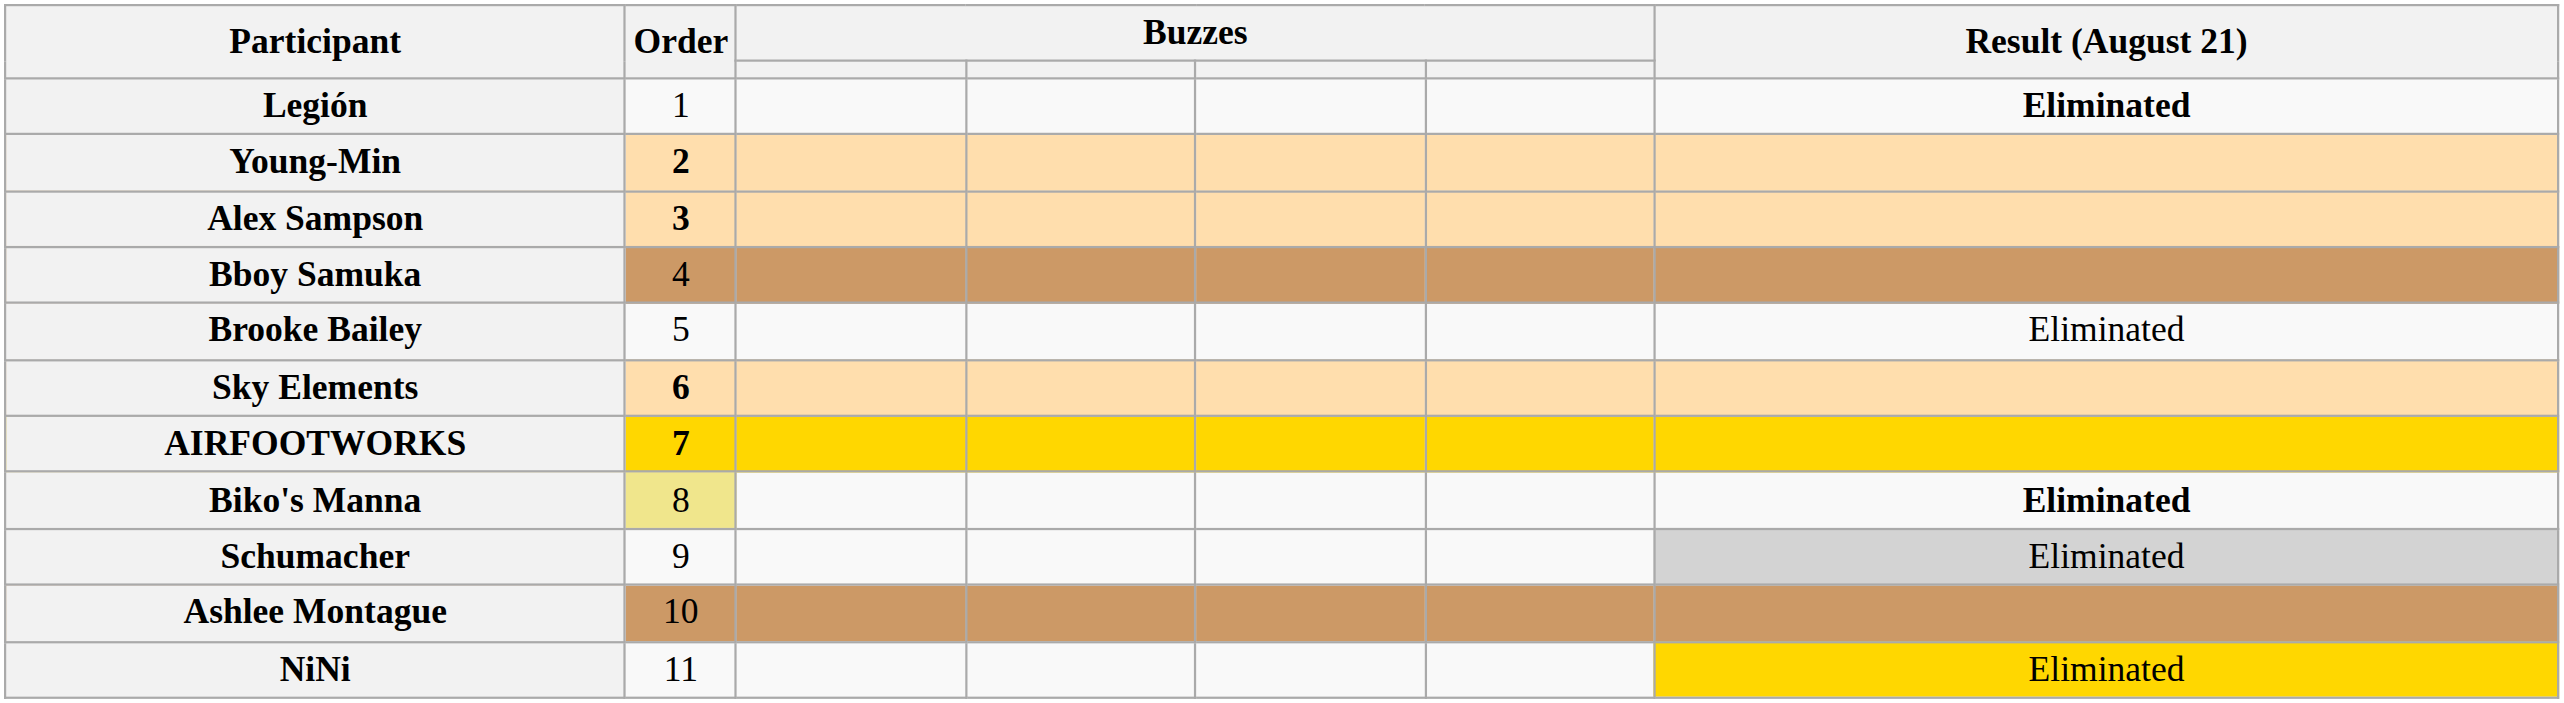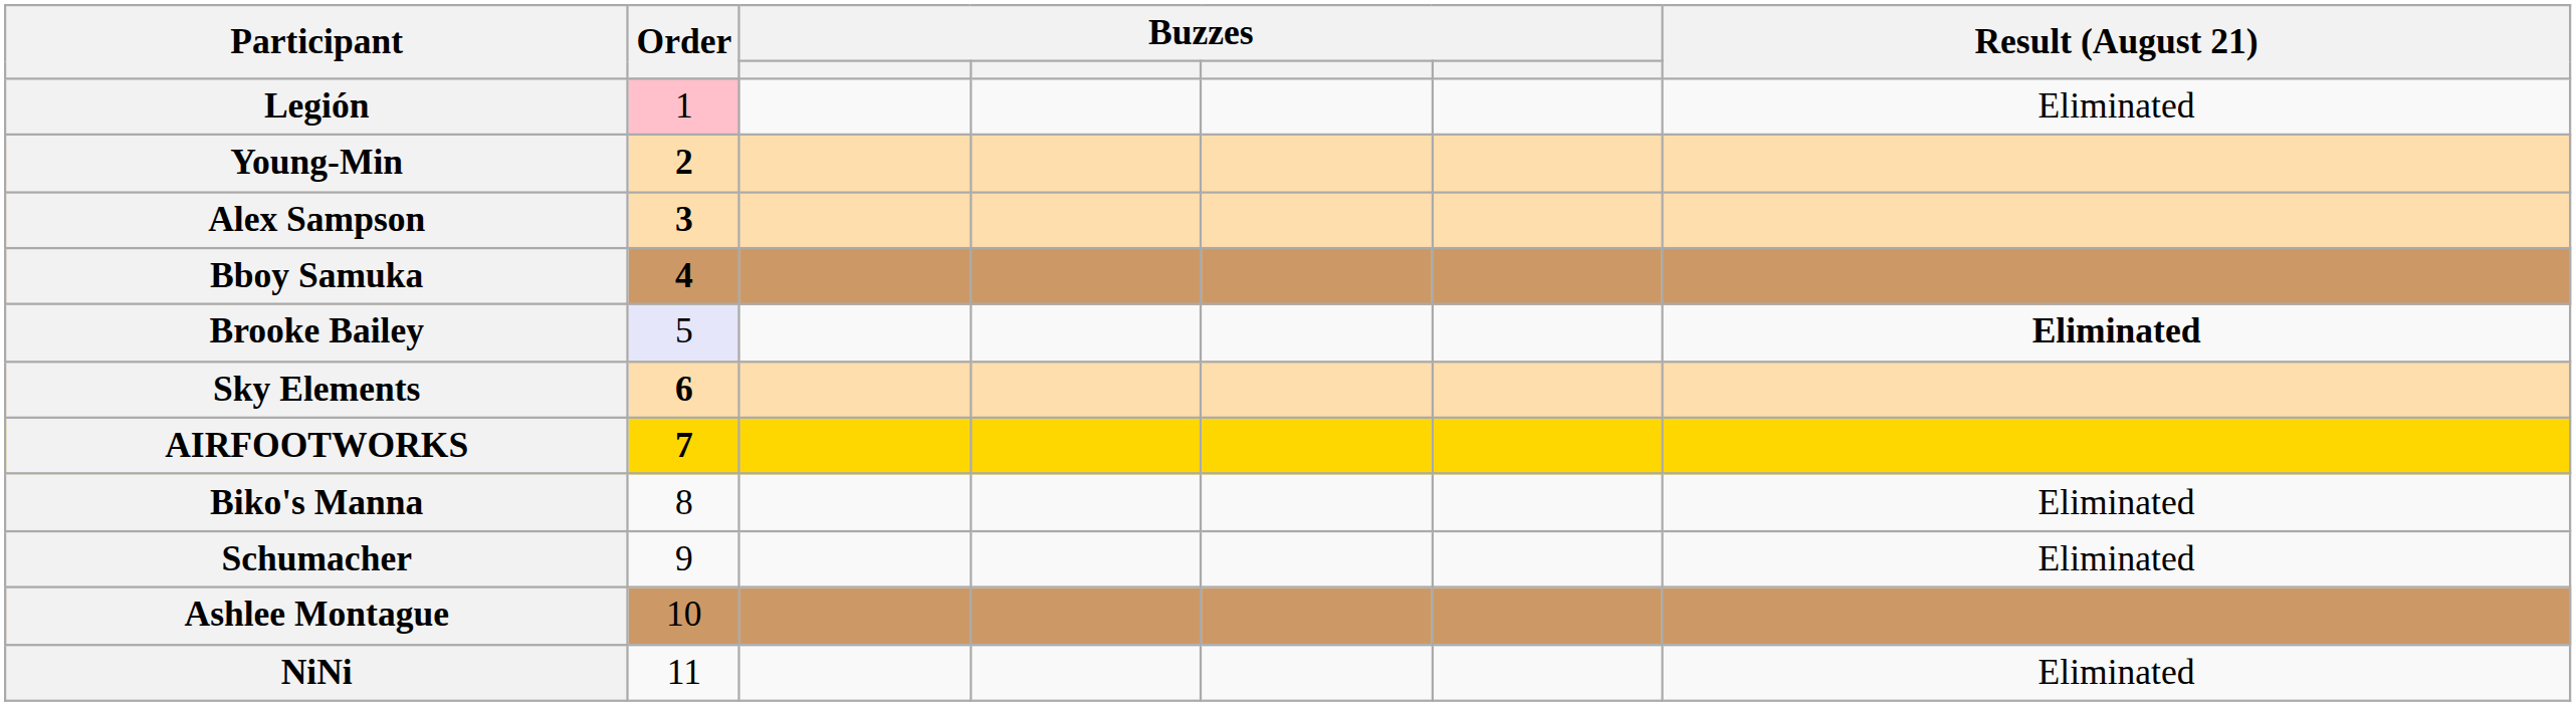 <table class="wikitable plainrowheaders sortable" style="text-align:center;">
 <tr>
 <th scope="col" rowspan="2" class="unsortable" style="width:17em;">Participant</th>
 <th scope="col" rowspan="2" style="width:1em;">Order</th>
 <th scope="col" colspan="4" class="unsortable" style="width:24em;">Buzzes</th>
 <th scope="col" rowspan="2" style="width:25em;">Result (August 21)</th>
 </tr>
 <tr>
 <th scope="col" class="unsortable" style="width:6em;"></th>
 <th scope="col" class="unsortable" style="width:6em;"></th>
 <th scope="col" class="unsortable" style="width:6em;"></th>
 <th scope="col" class="unsortable" style="width:6em;"></th>
 </tr>
 <tr>
 <th scope="row">Legión</th>
-<td>1</td>
+<td style="background: pink;">1</td>
 <td style="text-align:center;"></td>
 <td style="text-align:center;"></td>
 <td style="text-align:center;"></td>
 <td style="text-align:center;"></td>
-<td><strong>Eliminated</strong></td>
+<td>Eliminated</td>
 </tr>
 <tr bgcolor=navajowhite>
 <th scope="row"><strong>Young-Min</strong></th>
 <td><strong>2</strong></td>
 <td style="text-align:center;"></td>
 <td style="text-align:center;"></td>
 <td style="text-align:center;"></td>
 <td style="text-align:center;"></td>
 <td><strong></strong></td>
 </tr>
 <tr bgcolor=navajowhite>
 <th scope="row"><strong>Alex Sampson</strong></th>
 <td><strong>3</strong></td>
 <td style="text-align:center;"></td>
 <td style="text-align:center;"></td>
 <td style="text-align:center;"></td>
 <td style="text-align:center;"></td>
 <td><strong></strong></td>
 </tr>
 <tr bgcolor=#c96>
 <th scope="row">Bboy Samuka</th>
-<td>4</td>
+<td><strong>4</strong></td>
 <td style="text-align:center;"></td>
 <td style="text-align:center;"></td>
 <td style="text-align:center;"></td>
 <td style="text-align:center;"></td>
 <td></td>
 </tr>
 <tr>
 <th scope="row">Brooke Bailey</th>
-<td>5</td>
+<td style="background: lavender;">5</td>
 <td style="text-align:center;"></td>
 <td style="text-align:center;"></td>
 <td style="text-align:center;"></td>
 <td style="text-align:center;"></td>
-<td>Eliminated</td>
+<td><strong>Eliminated</strong></td>
 </tr>
 <tr bgcolor=navajowhite>
 <th scope="row"><strong>Sky Elements</strong></th>
 <td><strong>6</strong></td>
 <td style="text-align:center;"></td>
 <td style="text-align:center;"></td>
 <td style="text-align:center;"></td>
 <td style="text-align:center;"></td>
 <td><strong></strong></td>
 </tr>
 <tr bgcolor=gold>
 <th scope="row"><strong>AIRFOOTWORKS</strong></th>
 <td><strong>7</strong></td>
 <td style="text-align:center;"></td>
 <td style="text-align:center;"></td>
 <td style="text-align:center;"></td>
 <td style="text-align:center;"></td>
 <td><strong></strong></td>
 </tr>
 <tr>
 <th scope="row">Biko's Manna</th>
-<td style="background: khaki;">8</td>
+<td>8</td>
 <td style="text-align:center;"></td>
 <td style="text-align:center;"></td>
 <td style="text-align:center;"></td>
 <td style="text-align:center;"></td>
-<td><strong>Eliminated</strong></td>
+<td>Eliminated</td>
 </tr>
 <tr>
 <th scope="row">Schumacher</th>
 <td>9</td>
 <td style="text-align:center;"></td>
 <td style="text-align:center;"></td>
 <td style="text-align:center;"></td>
 <td style="text-align:center;"></td>
-<td style="background: lightgrey;">Eliminated</td>
+<td>Eliminated</td>
 </tr>
 <tr bgcolor=#c96>
 <th scope="row">Ashlee Montague</th>
 <td>10</td>
 <td style="text-align:center;"></td>
 <td style="text-align:center;"></td>
 <td style="text-align:center;"></td>
 <td style="text-align:center;"></td>
 <td></td>
 </tr>
 <tr>
 <th scope="row">NiNi</th>
 <td>11</td>
 <td style="text-align:center;"></td>
 <td style="text-align:center;"></td>
 <td style="text-align:center;"></td>
 <td style="text-align:center;"></td>
-<td style="background: gold;">Eliminated</td>
+<td>Eliminated</td>
 </tr>
 </table>
